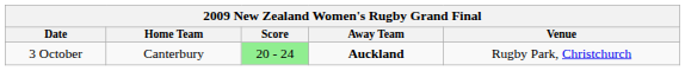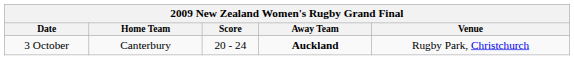 <table class="wikitable"  style="font-size:110%; text-align:center; width:100%; margin:auto;">
 <tr>
 <th colspan=5>2009 New Zealand Women's Rugby Grand Final</th>
 </tr>
 <tr style="font-size:85%; line-height:90%;">
 <th>Date</th>
 <th>Home Team</th>
 <th>Score</th>
 <th>Away Team</th>
 <th>Venue</th>
 </tr>
 <tr>
 <td width=15%>3 October</td>
 <td width=20%> Canterbury</td>
-<td width=10% style="background: lightgreen;">20 - 24</td>
+<td width=10%>20 - 24</td>
 <td width=20%> <strong>Auckland</strong></td>
 <td width=35%>Rugby Park, <a href='#'>Christchurch</a></td>
 </tr>
 </table>
